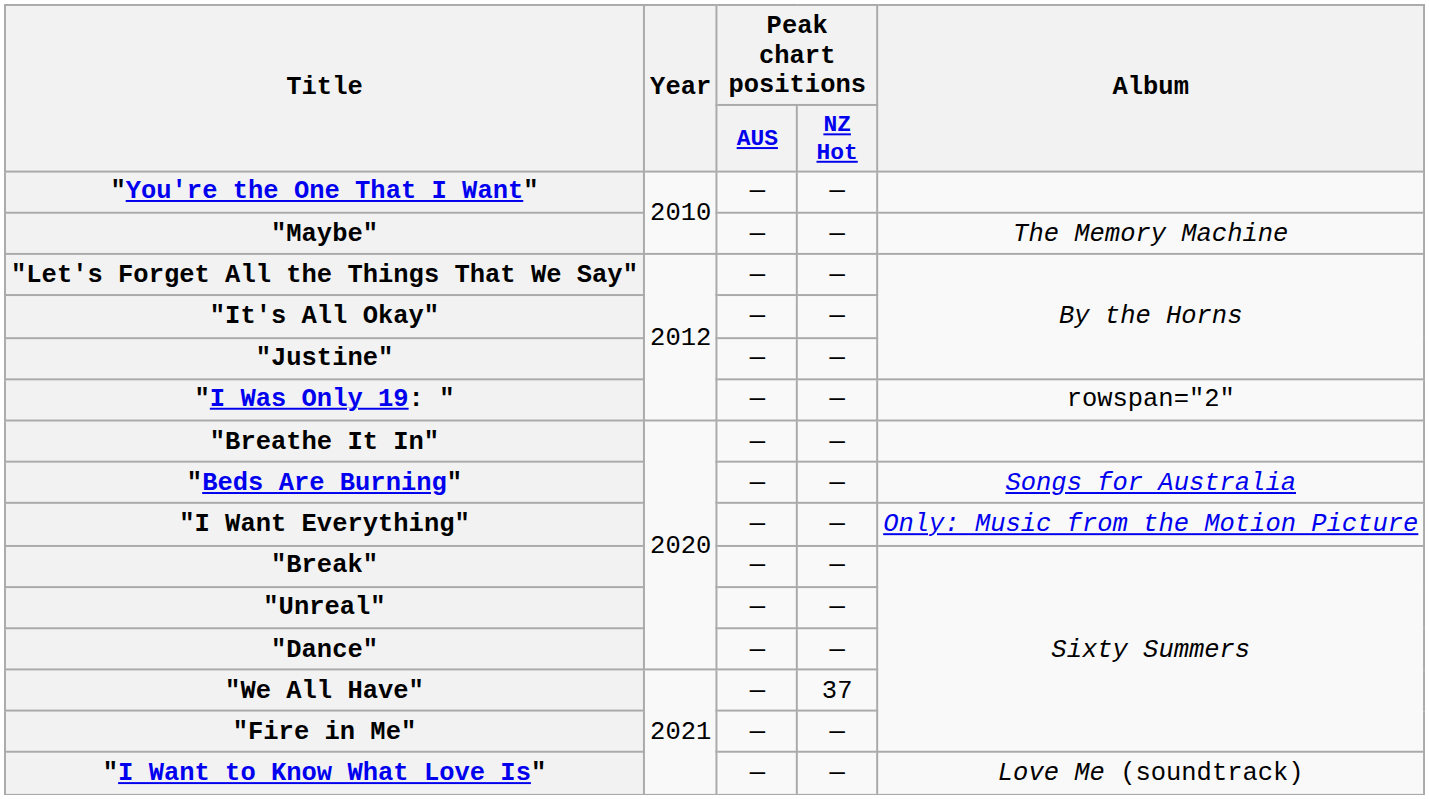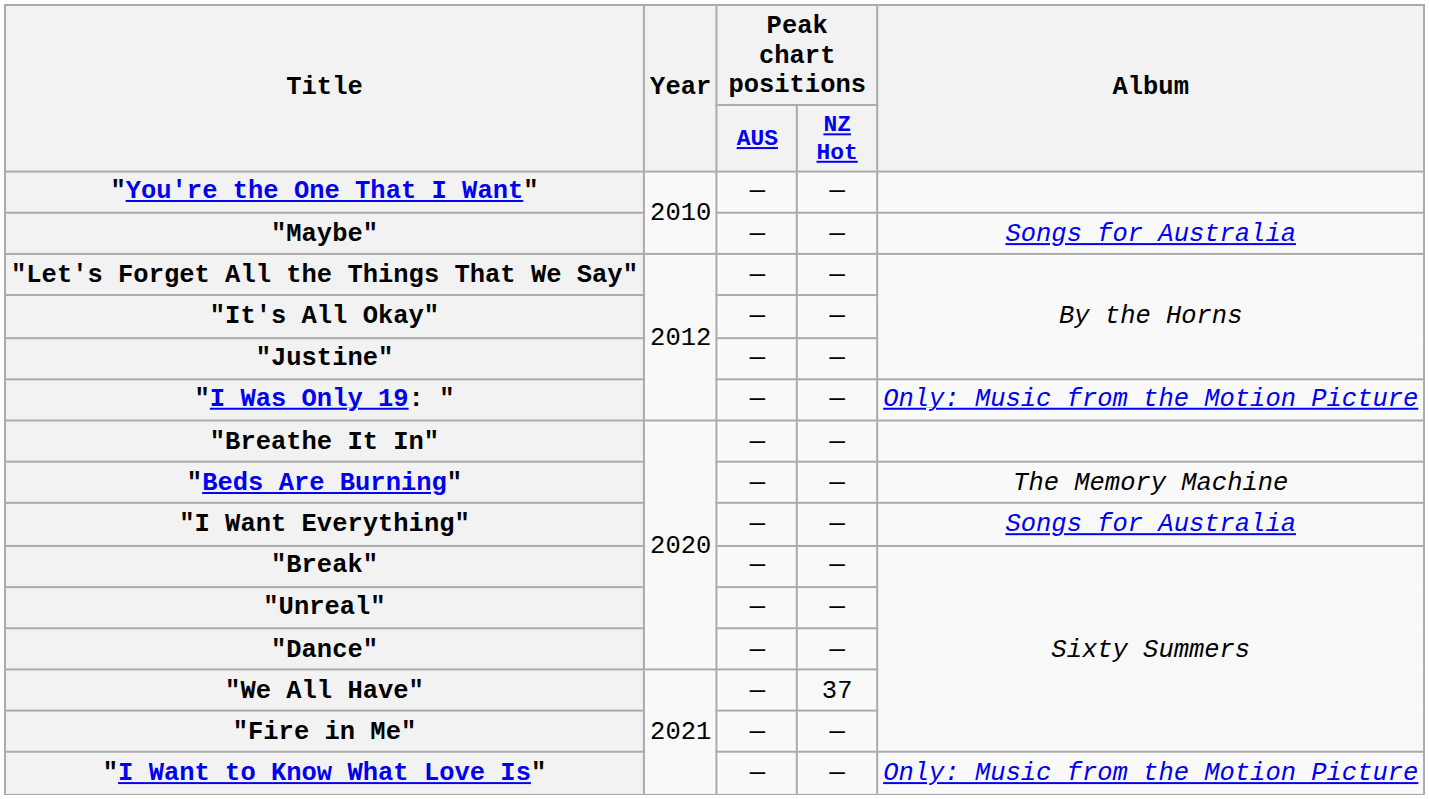 <table class="wikitable plainrowheaders" style="text-align:center;">
 <tr>
 <th scope="col" rowspan="2">Title</th>
 <th scope="col" rowspan="2">Year</th>
 <th scope="col" colspan="2">Peak chart positions</th>
 <th scope="col" rowspan="2">Album</th>
 </tr>
 <tr>
 <th scope="col" style="width:3em;font-size:90%;"><a href='#'>AUS</a><br></th>
 <th scope="col" style="width:3em;font-size:90%;"><a href='#'>NZ<br>Hot</a><br></th>
 </tr>
 <tr>
 <th scope="row">"<a href='#'>You're the One That I Want</a>"</th>
 <td rowspan="2">2010</td>
 <td>—</td>
 <td>—</td>
 <td></td>
 </tr>
 <tr>
 <th scope="row">"Maybe"</th>
 <td>—</td>
 <td>—</td>
-<td><em>The Memory Machine</em></td>
+<td><em><a href='#'>Songs for Australia</a></em></td>
 </tr>
 <tr>
 <th scope="row">"Let's Forget All the Things That We Say"</th>
 <td rowspan="4">2012</td>
 <td>—</td>
 <td>—</td>
 <td rowspan="3"><em>By the Horns</em></td>
 </tr>
 <tr>
 <th scope="row">"It's All Okay"</th>
 <td>—</td>
 <td>—</td>
 </tr>
 <tr>
 <th scope="row">"Justine"</th>
 <td>—</td>
 <td>—</td>
 </tr>
 <tr>
 <th scope="row">"<a href='#'>I Was Only 19</a>: "</th>
 <td>—</td>
 <td>—</td>
-<td>rowspan="2" </td>
+<td><em><a href='#'>Only: Music from the Motion Picture</a></em></td>
 </tr>
 <tr>
 <th scope="row">"Breathe It In"<br></th>
 <td rowspan="6">2020</td>
 <td>—</td>
 <td>—</td>
 </tr>
 <tr>
 <th scope="row">"<a href='#'>Beds Are Burning</a>"</th>
 <td>—</td>
 <td>—</td>
-<td><em><a href='#'>Songs for Australia</a></em></td>
+<td><em>The Memory Machine</em></td>
 </tr>
 <tr>
 <th scope="row">"I Want Everything"</th>
 <td>—</td>
 <td>—</td>
-<td><em><a href='#'>Only: Music from the Motion Picture</a></em></td>
+<td><em><a href='#'>Songs for Australia</a></em></td>
 </tr>
 <tr>
 <th scope="row">"Break"</th>
 <td>—</td>
 <td>—</td>
 <td rowspan="5"><em>Sixty Summers</em></td>
 </tr>
 <tr>
 <th scope="row">"Unreal"</th>
 <td>—</td>
 <td>—</td>
 </tr>
 <tr>
 <th scope="row">"Dance"</th>
 <td>—</td>
 <td>—</td>
 </tr>
 <tr>
 <th scope="row">"We All Have"<br></th>
 <td rowspan="3">2021</td>
 <td>—</td>
 <td>37</td>
 </tr>
 <tr>
 <th scope="row">"Fire in Me"</th>
 <td>—</td>
 <td>—</td>
 </tr>
 <tr>
 <th scope="row">"<a href='#'>I Want to Know What Love Is</a>"</th>
 <td>—</td>
 <td>—</td>
-<td><em>Love Me</em> (soundtrack)</td>
+<td><em><a href='#'>Only: Music from the Motion Picture</a></em></td>
 </tr>
 </table>
